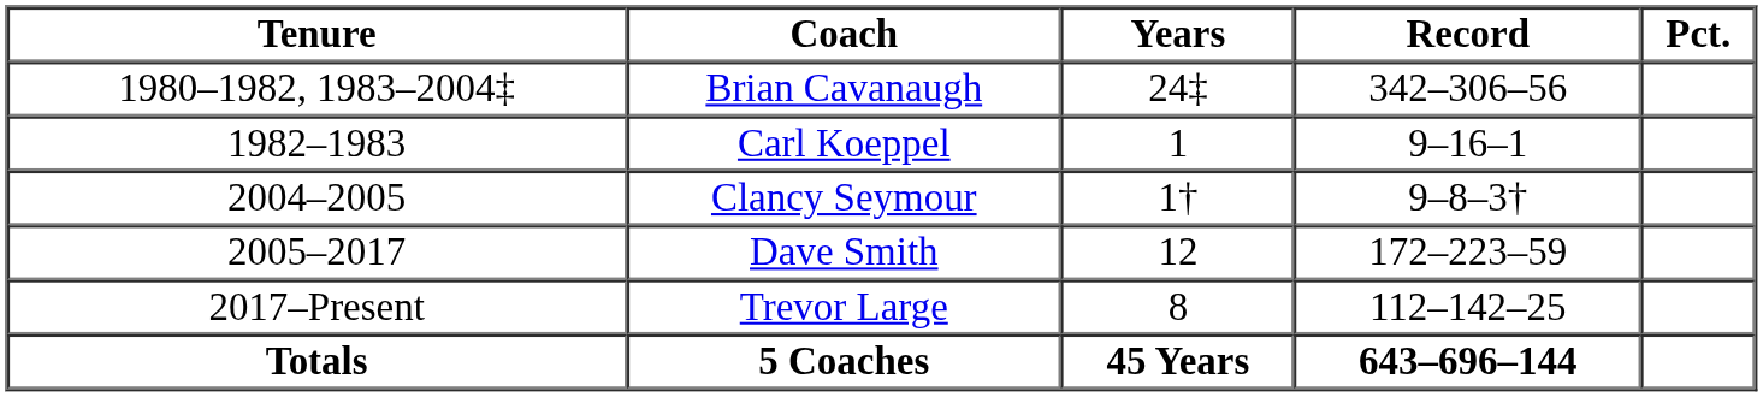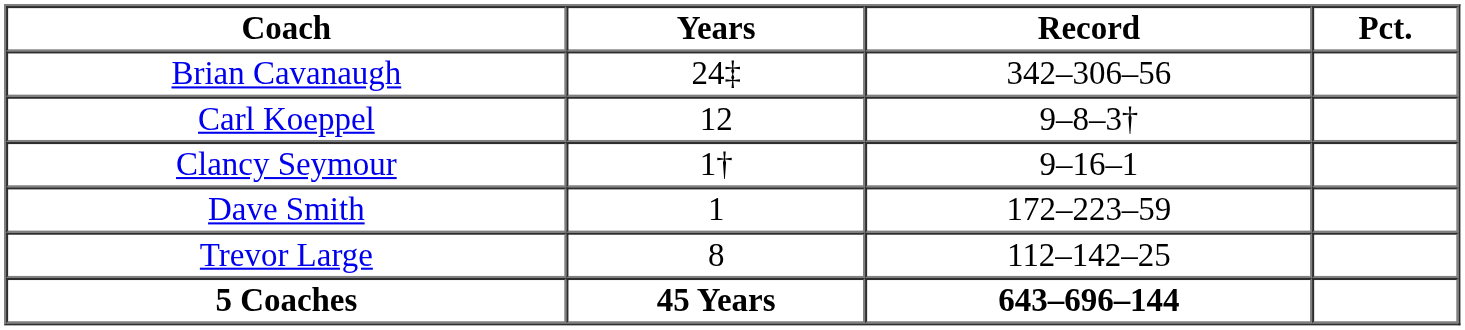 <table cellpadding="1" border="1" cellspacing="0" style="width:80%;">
 <tr>
-<th>Tenure</th>
 <th>Coach</th>
 <th>Years</th>
 <th>Record</th>
 <th>Pct.</th>
 </tr>
 <tr style="text-align:center;">
-<td>1980–1982, 1983–2004‡</td>
 <td><a href='#'>Brian Cavanaugh</a></td>
 <td>24‡</td>
 <td>342–306–56</td>
 <td></td>
 </tr>
 <tr style="text-align:center;">
-<td>1982–1983</td>
 <td><a href='#'>Carl Koeppel</a></td>
-<td>1</td>
+<td>12</td>
+<td>9–8–3†</td>
+<td></td>
+</tr>
+<tr style="text-align:center;">
+<td><a href='#'>Clancy Seymour</a></td>
+<td>1†</td>
 <td>9–16–1</td>
 <td></td>
 </tr>
 <tr style="text-align:center;">
-<td>2004–2005</td>
-<td><a href='#'>Clancy Seymour</a></td>
-<td>1†</td>
-<td>9–8–3†</td>
-<td></td>
-</tr>
-<tr style="text-align:center;">
-<td>2005–2017</td>
 <td><a href='#'>Dave Smith</a></td>
-<td>12</td>
+<td>1</td>
 <td>172–223–59</td>
 <td></td>
 </tr>
 <tr style="text-align:center;">
-<td>2017–Present</td>
 <td><a href='#'>Trevor Large</a></td>
 <td>8</td>
 <td>112–142–25</td>
 <td></td>
 </tr>
 <tr style="text-align:center;">
-<th>Totals</th>
 <th>5 Coaches</th>
 <th>45 Years</th>
 <th>643–696–144</th>
 <th></th>
 </tr>
 </table>
